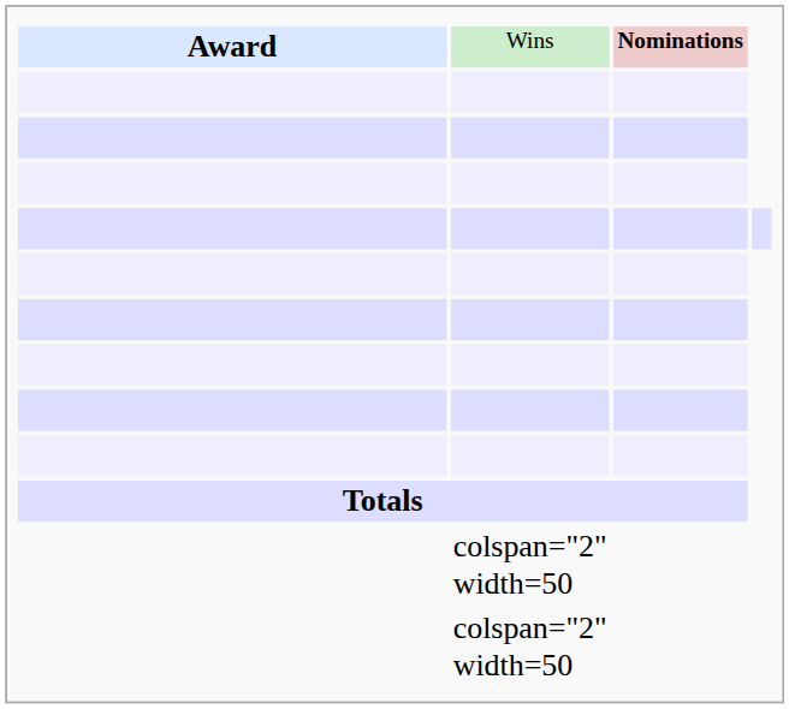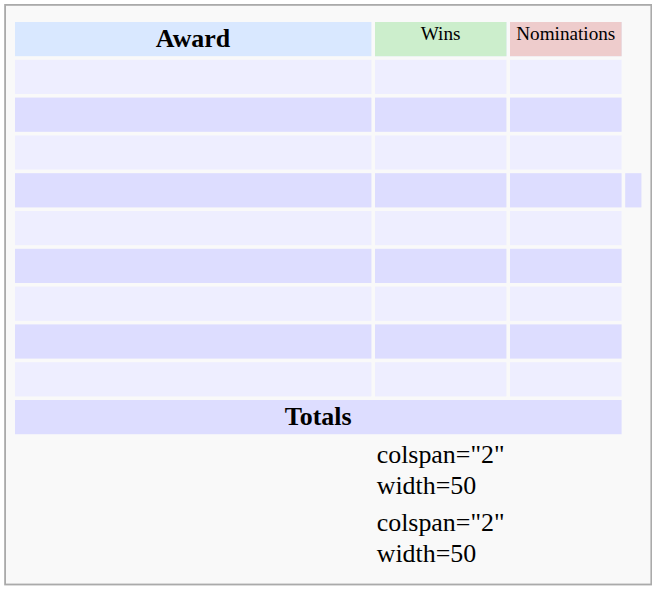 <table class="infobox" style="width: 25em; text-align: left; font-size: 90%; vertical-align: middle;">
 <tr>
 <td colspan="3" style="text-align:center;"></td>
 </tr>
 <tr bgcolor=#D9E8FF style="text-align:center;">
 <th style="vertical-align: middle;">Award</th>
 <td style="background:#cceecc; font-size:8pt;" width="60px">Wins</td>
-<td style="background:#eecccc; font-size:8pt;" width="60px"><strong>Nominations</strong></td>
+<td style="background:#eecccc; font-size:8pt;" width="60px">Nominations</td>
 </tr>
 <tr bgcolor=#eeeeff>
 <td align="center"><br></td>
 <td></td>
 <td></td>
 </tr>
 <tr bgcolor=#ddddff>
 <td align="center"><br></td>
 <td></td>
 <td></td>
 </tr>
 <tr bgcolor=#eeeeff>
 <td align="center"><br></td>
 <td></td>
 <td></td>
 </tr>
 <tr bgcolor=#ddddff>
 <td align="center"><br></td>
 <td></td>
 <td></td>
 <td align="center"></td>
 </tr>
 <tr bgcolor=#eeeeff>
 <td align="center"><br></td>
 <td></td>
 <td></td>
 </tr>
 <tr bgcolor=#ddddff>
 <td align="center"><br></td>
 <td></td>
 <td></td>
 </tr>
 <tr bgcolor=#eeeeff>
 <td align="center"><br></td>
 <td></td>
 <td></td>
 </tr>
 <tr bgcolor=#ddddff>
 <td align="center"><br></td>
 <td></td>
 <td></td>
 </tr>
 <tr bgcolor=#eeeeff>
 <td align="center"><br></td>
 <td></td>
 <td></td>
 </tr>
 <tr bgcolor=#ddddff>
 <td colspan="3" style="text-align:center;"><strong>Totals</strong></td>
 </tr>
 <tr>
 <td></td>
 <td>colspan="2" width=50 </td>
 </tr>
 <tr>
 <td></td>
 <td>colspan="2" width=50 </td>
 </tr>
 <tr>
 </tr>
 </table>
